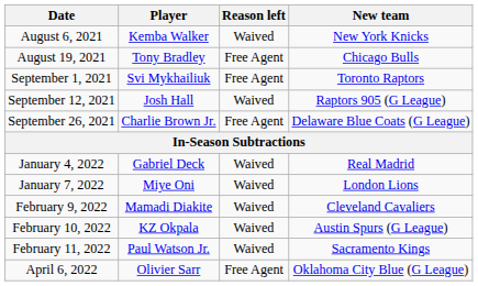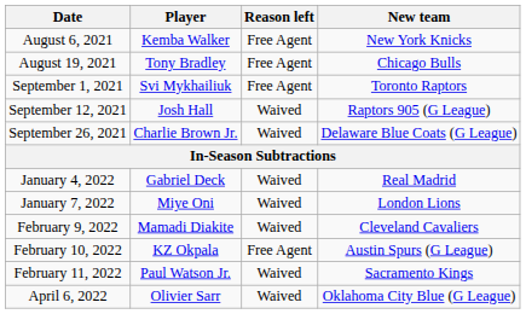 <table class="wikitable" style="text-align: center">
 <tr>
 <th>Date</th>
 <th>Player</th>
 <th>Reason left</th>
 <th>New team</th>
 </tr>
 <tr style="text-align: center">
 <td>August 6, 2021</td>
 <td><a href='#'>Kemba Walker</a></td>
-<td>Waived</td>
+<td>Free Agent</td>
 <td><a href='#'>New York Knicks</a></td>
 </tr>
 <tr style="text-align: center">
 <td>August 19, 2021</td>
 <td><a href='#'>Tony Bradley</a></td>
 <td>Free Agent</td>
 <td><a href='#'>Chicago Bulls</a></td>
 </tr>
 <tr style="text-align: center">
 <td>September 1, 2021</td>
 <td><a href='#'>Svi Mykhailiuk</a></td>
 <td>Free Agent</td>
 <td><a href='#'>Toronto Raptors</a></td>
 </tr>
 <tr style="text-align: center">
 <td>September 12, 2021</td>
 <td><a href='#'>Josh Hall</a></td>
 <td>Waived</td>
 <td><a href='#'>Raptors 905</a> (<a href='#'>G League</a>)</td>
 </tr>
 <tr style="text-align: center">
 <td>September 26, 2021</td>
 <td><a href='#'>Charlie Brown Jr.</a></td>
-<td>Free Agent</td>
+<td>Waived</td>
 <td><a href='#'>Delaware Blue Coats</a> (<a href='#'>G League</a>)</td>
 </tr>
 <tr>
 <th scope="row" colspan="6" style="text-align:center;”">In-Season Subtractions</th>
 </tr>
 <tr style="text-align: center">
 <td>January 4, 2022</td>
 <td><a href='#'>Gabriel Deck</a></td>
 <td>Waived</td>
 <td> <a href='#'>Real Madrid</a></td>
 </tr>
 <tr style="text-align: center">
 <td>January 7, 2022</td>
 <td><a href='#'>Miye Oni</a></td>
 <td>Waived</td>
 <td> <a href='#'>London Lions</a></td>
 </tr>
 <tr style="text-align: center">
 <td>February 9, 2022</td>
 <td><a href='#'>Mamadi Diakite</a></td>
 <td>Waived</td>
 <td><a href='#'>Cleveland Cavaliers</a></td>
 </tr>
 <tr style="text-align: center">
 <td>February 10, 2022</td>
 <td><a href='#'>KZ Okpala</a></td>
-<td>Waived</td>
+<td>Free Agent</td>
 <td><a href='#'>Austin Spurs</a> (<a href='#'>G League</a>)</td>
 </tr>
 <tr style="text-align: center">
 <td>February 11, 2022</td>
 <td><a href='#'>Paul Watson Jr.</a></td>
 <td>Waived</td>
 <td><a href='#'>Sacramento Kings</a></td>
 </tr>
 <tr style="text-align: center">
 <td>April 6, 2022</td>
 <td><a href='#'>Olivier Sarr</a></td>
-<td>Free Agent</td>
+<td>Waived</td>
 <td><a href='#'>Oklahoma City Blue</a> (<a href='#'>G League</a>)</td>
 </tr>
 </table>
